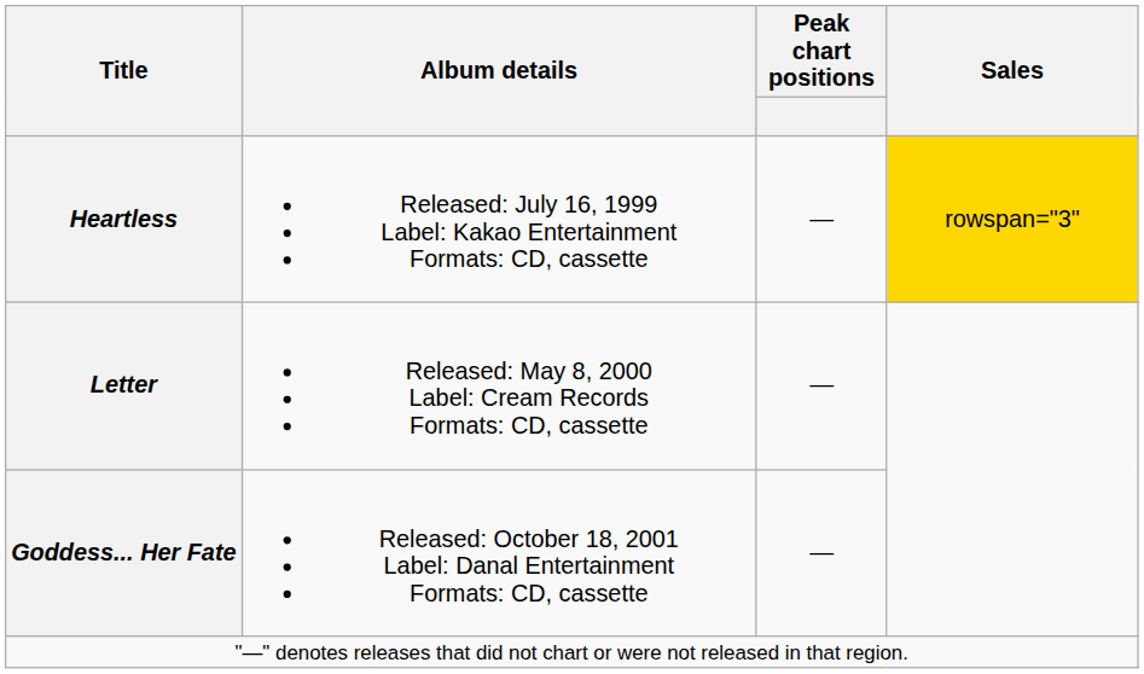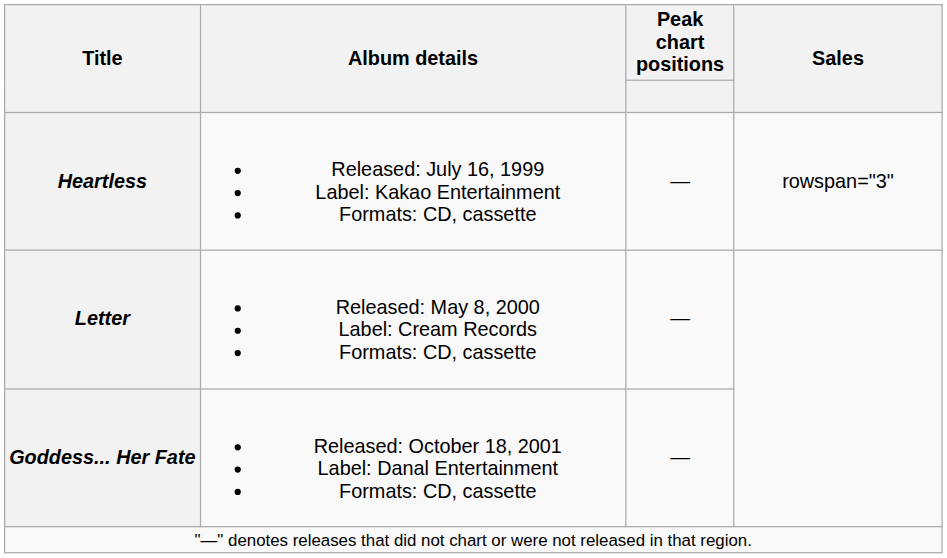 <table class="wikitable plainrowheaders" style="text-align:center;">
 <tr>
 <th rowspan="2">Title</th>
 <th rowspan="2" style="width:21em;">Album details</th>
 <th scope="col" style="width:5em">Peak chart positions</th>
 <th rowspan="2" style="width:10em;">Sales</th>
 </tr>
 <tr>
 <th><br></th>
 </tr>
 <tr>
 <th scope="row"><em>Heartless</em></th>
 <td><br><ul><li>Released: July 16, 1999</li><li>Label: Kakao Entertainment</li><li>Formats: CD, cassette</li></ul></td>
 <td>—</td>
-<td style="background: gold;">rowspan="3" </td>
+<td>rowspan="3" </td>
 </tr>
 <tr>
 <th scope="row"><em>Letter</em></th>
 <td><br><ul><li>Released: May 8, 2000</li><li>Label: Cream Records</li><li>Formats: CD, cassette</li></ul></td>
 <td>—</td>
 </tr>
 <tr>
 <th scope="row"><em>Goddess... Her Fate</em></th>
 <td><br><ul><li>Released: October 18, 2001</li><li>Label: Danal Entertainment</li><li>Formats: CD, cassette</li></ul></td>
 <td>—</td>
 </tr>
 <tr>
 <td colspan="4" style="font-size:85%">"—" denotes releases that did not chart or were not released in that region.</td>
 </tr>
 </table>
